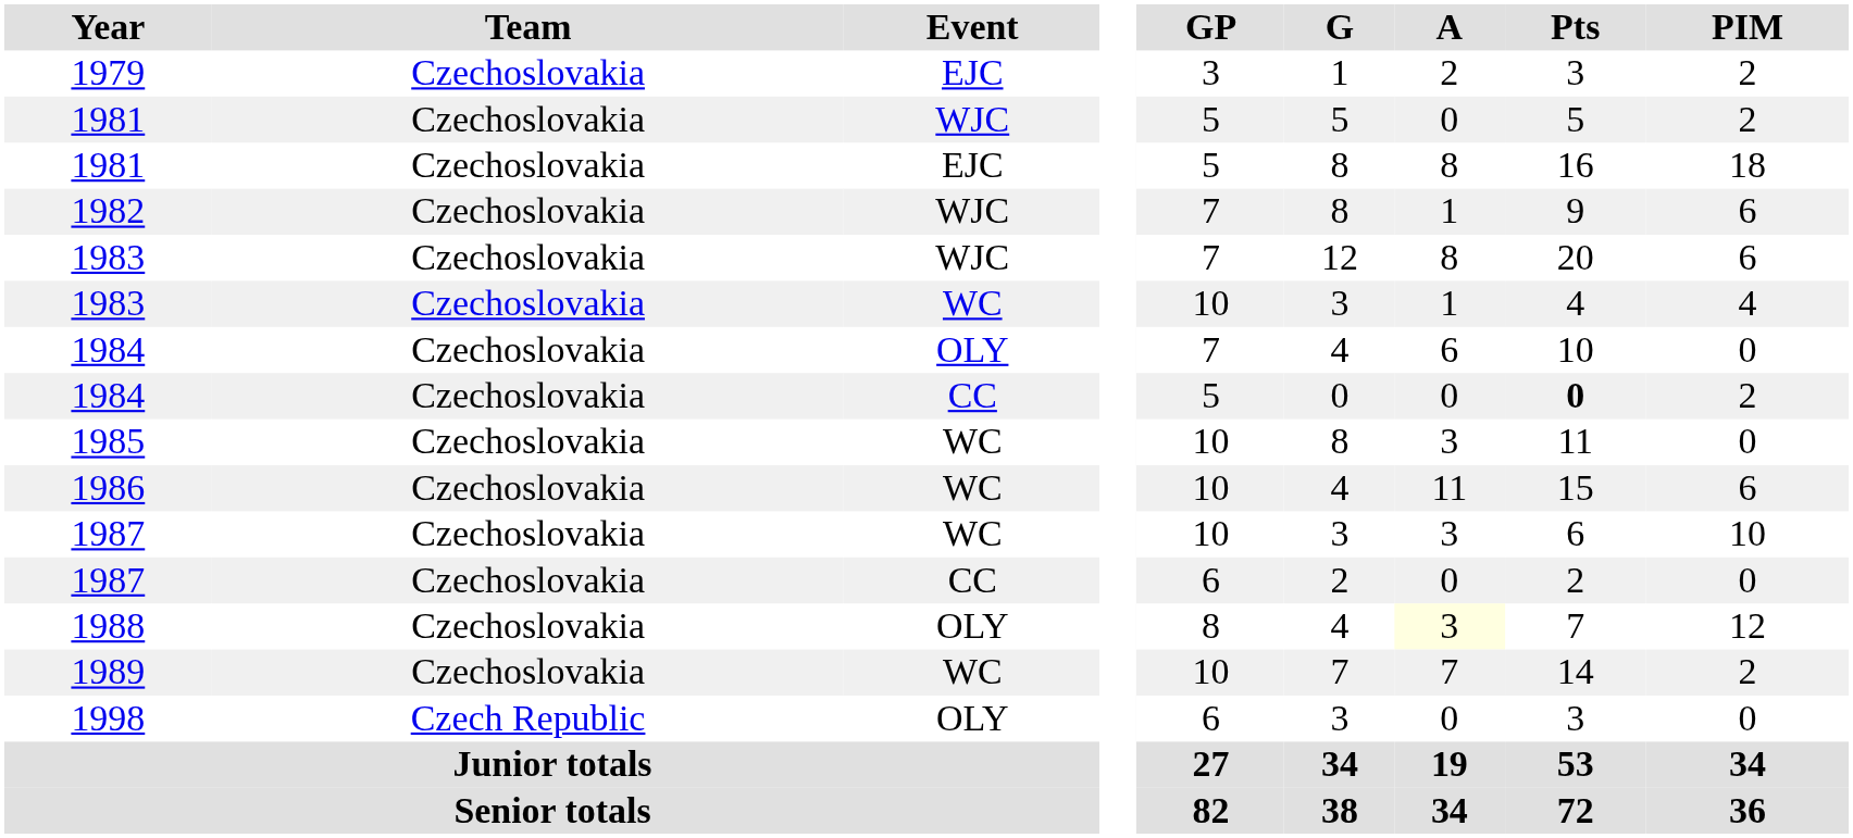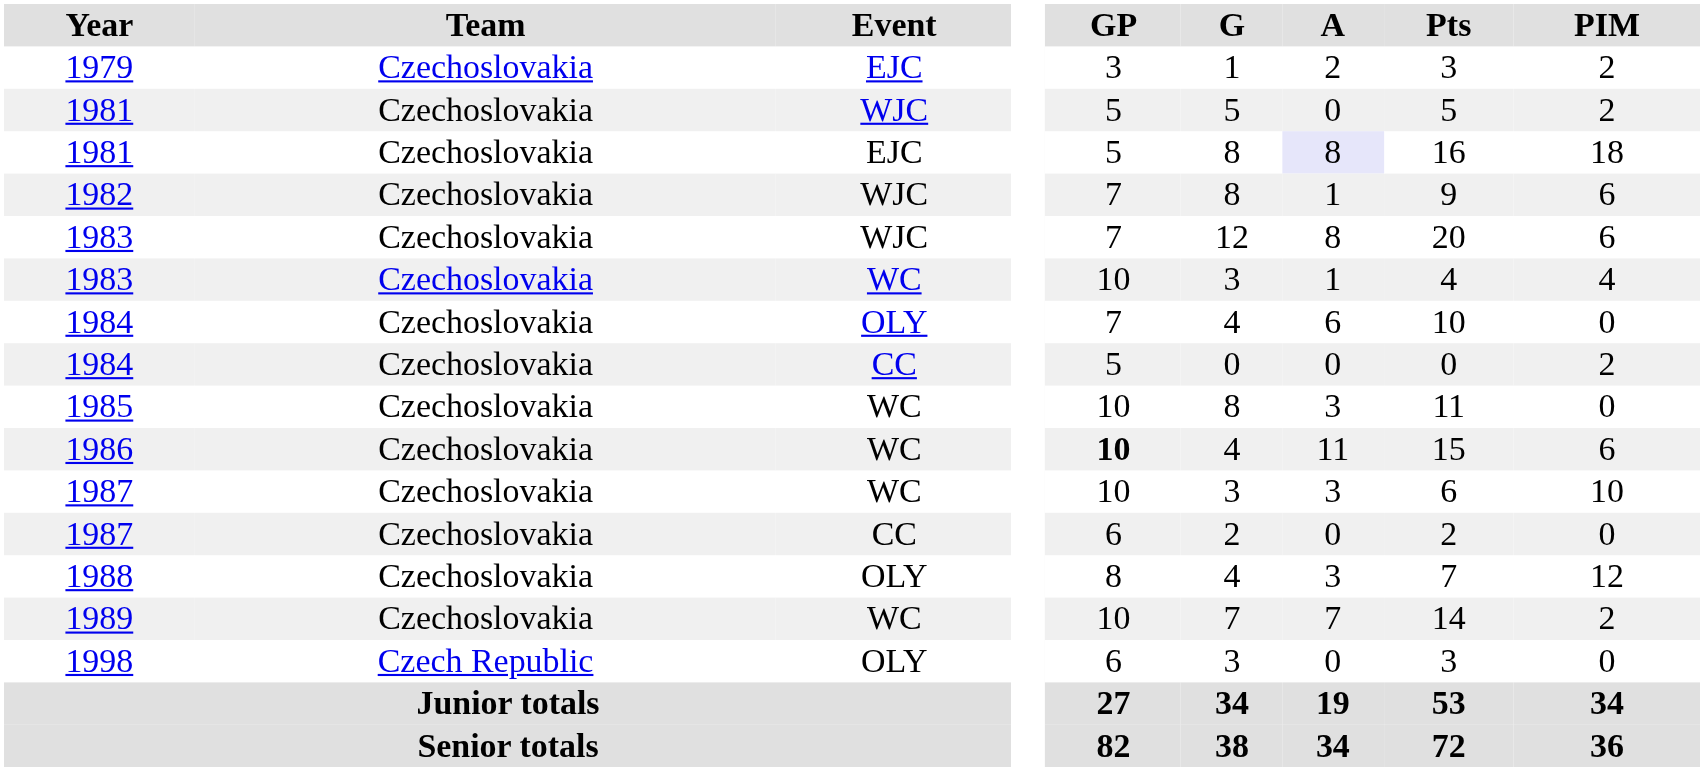 <table border="0" cellpadding="1" cellspacing="0" style="text-align:center; width:50em">
 <tr ALIGN="center" bgcolor="#e0e0e0">
 <th>Year</th>
 <th>Team</th>
 <th>Event</th>
 <th rowspan="99" bgcolor="#ffffff"> </th>
 <th>GP</th>
 <th>G</th>
 <th>A</th>
 <th>Pts</th>
 <th>PIM</th>
 </tr>
 <tr>
 <td><a href='#'>1979</a></td>
 <td><a href='#'>Czechoslovakia</a></td>
 <td><a href='#'>EJC</a></td>
 <td>3</td>
 <td>1</td>
 <td>2</td>
 <td>3</td>
 <td>2</td>
 </tr>
 <tr bgcolor="#f0f0f0">
 <td><a href='#'>1981</a></td>
 <td>Czechoslovakia</td>
 <td><a href='#'>WJC</a></td>
 <td>5</td>
 <td>5</td>
 <td>0</td>
 <td>5</td>
 <td>2</td>
 </tr>
 <tr>
 <td><a href='#'>1981</a></td>
 <td>Czechoslovakia</td>
 <td>EJC</td>
 <td>5</td>
 <td>8</td>
-<td>8</td>
+<td style="background: lavender;">8</td>
 <td>16</td>
 <td>18</td>
 </tr>
 <tr bgcolor="#f0f0f0">
 <td><a href='#'>1982</a></td>
 <td>Czechoslovakia</td>
 <td>WJC</td>
 <td>7</td>
 <td>8</td>
 <td>1</td>
 <td>9</td>
 <td>6</td>
 </tr>
 <tr>
 <td><a href='#'>1983</a></td>
 <td>Czechoslovakia</td>
 <td>WJC</td>
 <td>7</td>
 <td>12</td>
 <td>8</td>
 <td>20</td>
 <td>6</td>
 </tr>
 <tr bgcolor="#f0f0f0">
 <td><a href='#'>1983</a></td>
 <td><a href='#'>Czechoslovakia</a></td>
 <td><a href='#'>WC</a></td>
 <td>10</td>
 <td>3</td>
 <td>1</td>
 <td>4</td>
 <td>4</td>
 </tr>
 <tr>
 <td><a href='#'>1984</a></td>
 <td>Czechoslovakia</td>
 <td><a href='#'>OLY</a></td>
 <td>7</td>
 <td>4</td>
 <td>6</td>
 <td>10</td>
 <td>0</td>
 </tr>
 <tr bgcolor="#f0f0f0">
 <td><a href='#'>1984</a></td>
 <td>Czechoslovakia</td>
 <td><a href='#'>CC</a></td>
 <td>5</td>
 <td>0</td>
 <td>0</td>
-<td><strong>0</strong></td>
+<td>0</td>
 <td>2</td>
 </tr>
 <tr>
 <td><a href='#'>1985</a></td>
 <td>Czechoslovakia</td>
 <td>WC</td>
 <td>10</td>
 <td>8</td>
 <td>3</td>
 <td>11</td>
 <td>0</td>
 </tr>
 <tr bgcolor="#f0f0f0">
 <td><a href='#'>1986</a></td>
 <td>Czechoslovakia</td>
 <td>WC</td>
-<td>10</td>
+<td><strong>10</strong></td>
 <td>4</td>
 <td>11</td>
 <td>15</td>
 <td>6</td>
 </tr>
 <tr>
 <td><a href='#'>1987</a></td>
 <td>Czechoslovakia</td>
 <td>WC</td>
 <td>10</td>
 <td>3</td>
 <td>3</td>
 <td>6</td>
 <td>10</td>
 </tr>
 <tr bgcolor="#f0f0f0">
 <td><a href='#'>1987</a></td>
 <td>Czechoslovakia</td>
 <td>CC</td>
 <td>6</td>
 <td>2</td>
 <td>0</td>
 <td>2</td>
 <td>0</td>
 </tr>
 <tr>
 <td><a href='#'>1988</a></td>
 <td>Czechoslovakia</td>
 <td>OLY</td>
 <td>8</td>
 <td>4</td>
-<td style="background: lightyellow;">3</td>
+<td>3</td>
 <td>7</td>
 <td>12</td>
 </tr>
 <tr bgcolor="#f0f0f0">
 <td><a href='#'>1989</a></td>
 <td>Czechoslovakia</td>
 <td>WC</td>
 <td>10</td>
 <td>7</td>
 <td>7</td>
 <td>14</td>
 <td>2</td>
 </tr>
 <tr>
 <td><a href='#'>1998</a></td>
 <td><a href='#'>Czech Republic</a></td>
 <td>OLY</td>
 <td>6</td>
 <td>3</td>
 <td>0</td>
 <td>3</td>
 <td>0</td>
 </tr>
 <tr bgcolor="#e0e0e0">
 <th colspan=3>Junior totals</th>
 <th>27</th>
 <th>34</th>
 <th>19</th>
 <th>53</th>
 <th>34</th>
 </tr>
 <tr bgcolor="#e0e0e0">
 <th colspan=3>Senior totals</th>
 <th>82</th>
 <th>38</th>
 <th>34</th>
 <th>72</th>
 <th>36</th>
 </tr>
 </table>
